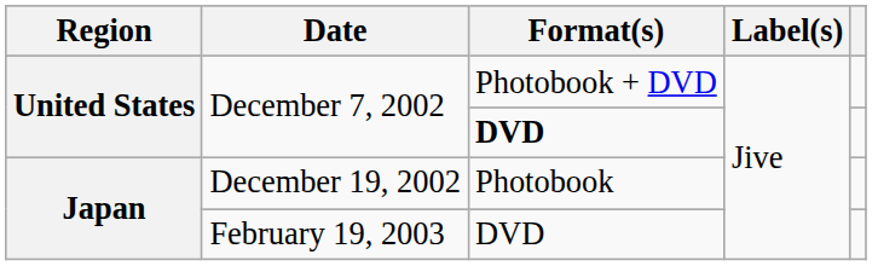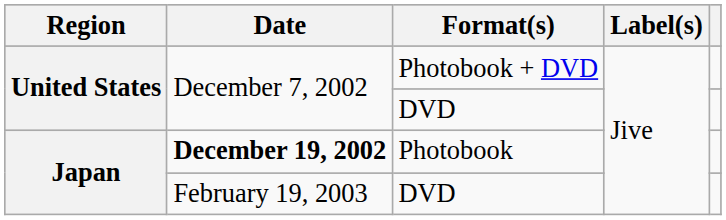 <table class="wikitable plainrowheaders">
 <tr>
 <th scope="col">Region</th>
 <th scope="col">Date</th>
 <th scope="col">Format(s)</th>
 <th scope="col">Label(s)</th>
 <th scope="col"></th>
 </tr>
 <tr>
 <th scope="row" rowspan="2">United States</th>
 <td rowspan="2">December 7, 2002</td>
 <td>Photobook + <a href='#'>DVD</a></td>
 <td rowspan="4">Jive</td>
 <td></td>
 </tr>
 <tr>
-<td><strong>DVD</strong></td>
+<td>DVD</td>
 <td></td>
 </tr>
 <tr>
 <th scope="row" rowspan="2">Japan</th>
-<td>December 19, 2002</td>
+<td><strong>December 19, 2002</strong></td>
 <td>Photobook</td>
 <td></td>
 </tr>
 <tr>
 <td>February 19, 2003</td>
 <td>DVD</td>
 <td></td>
 </tr>
 </table>
